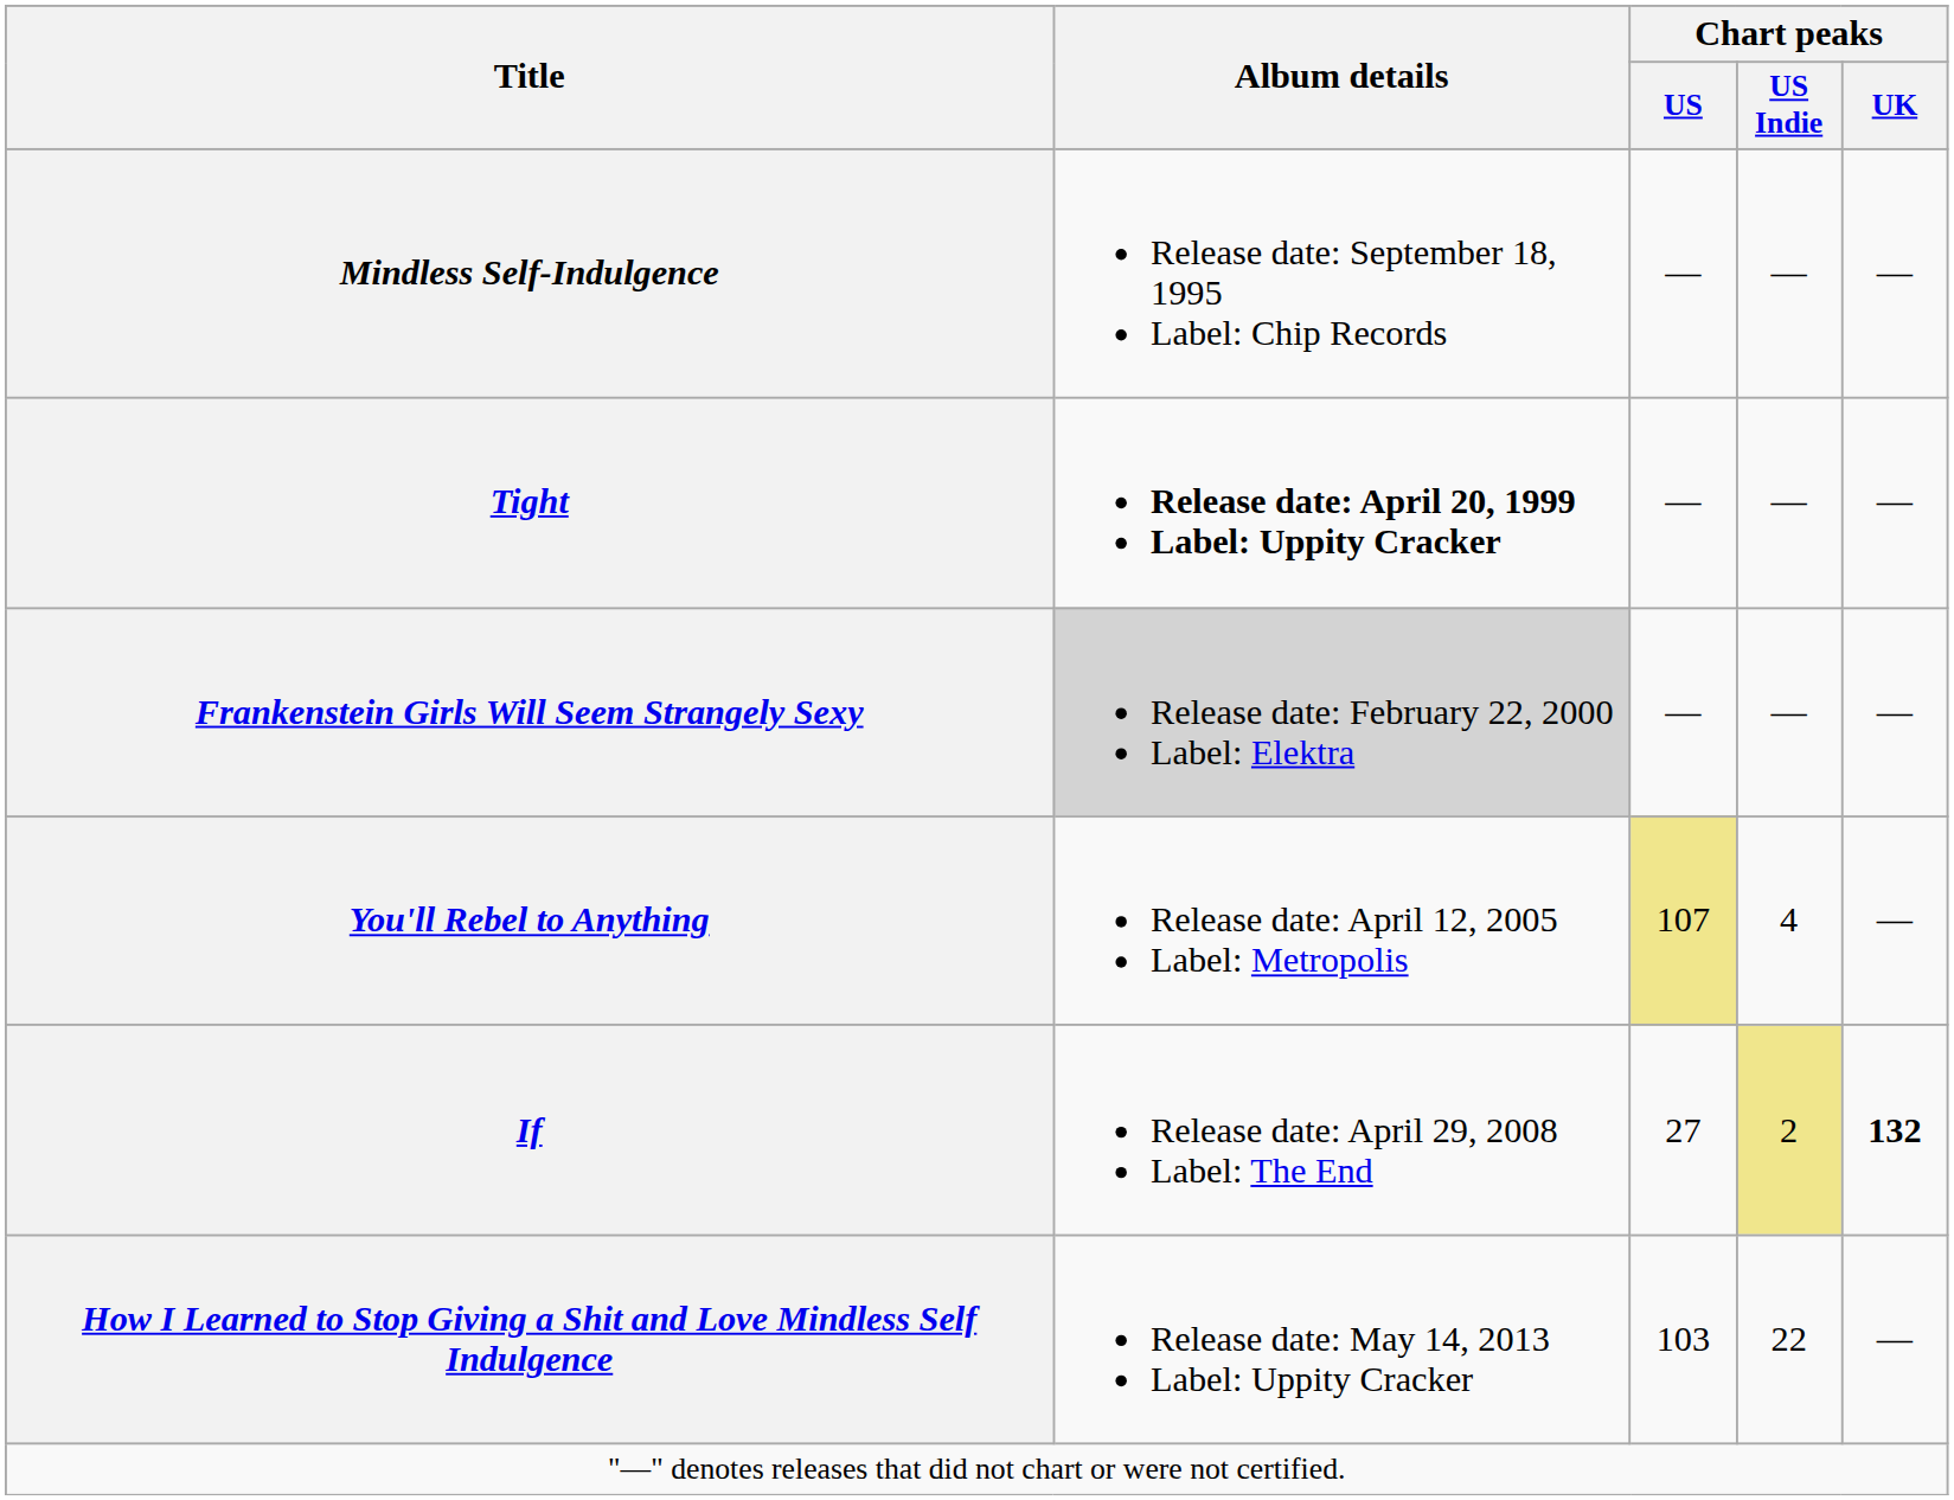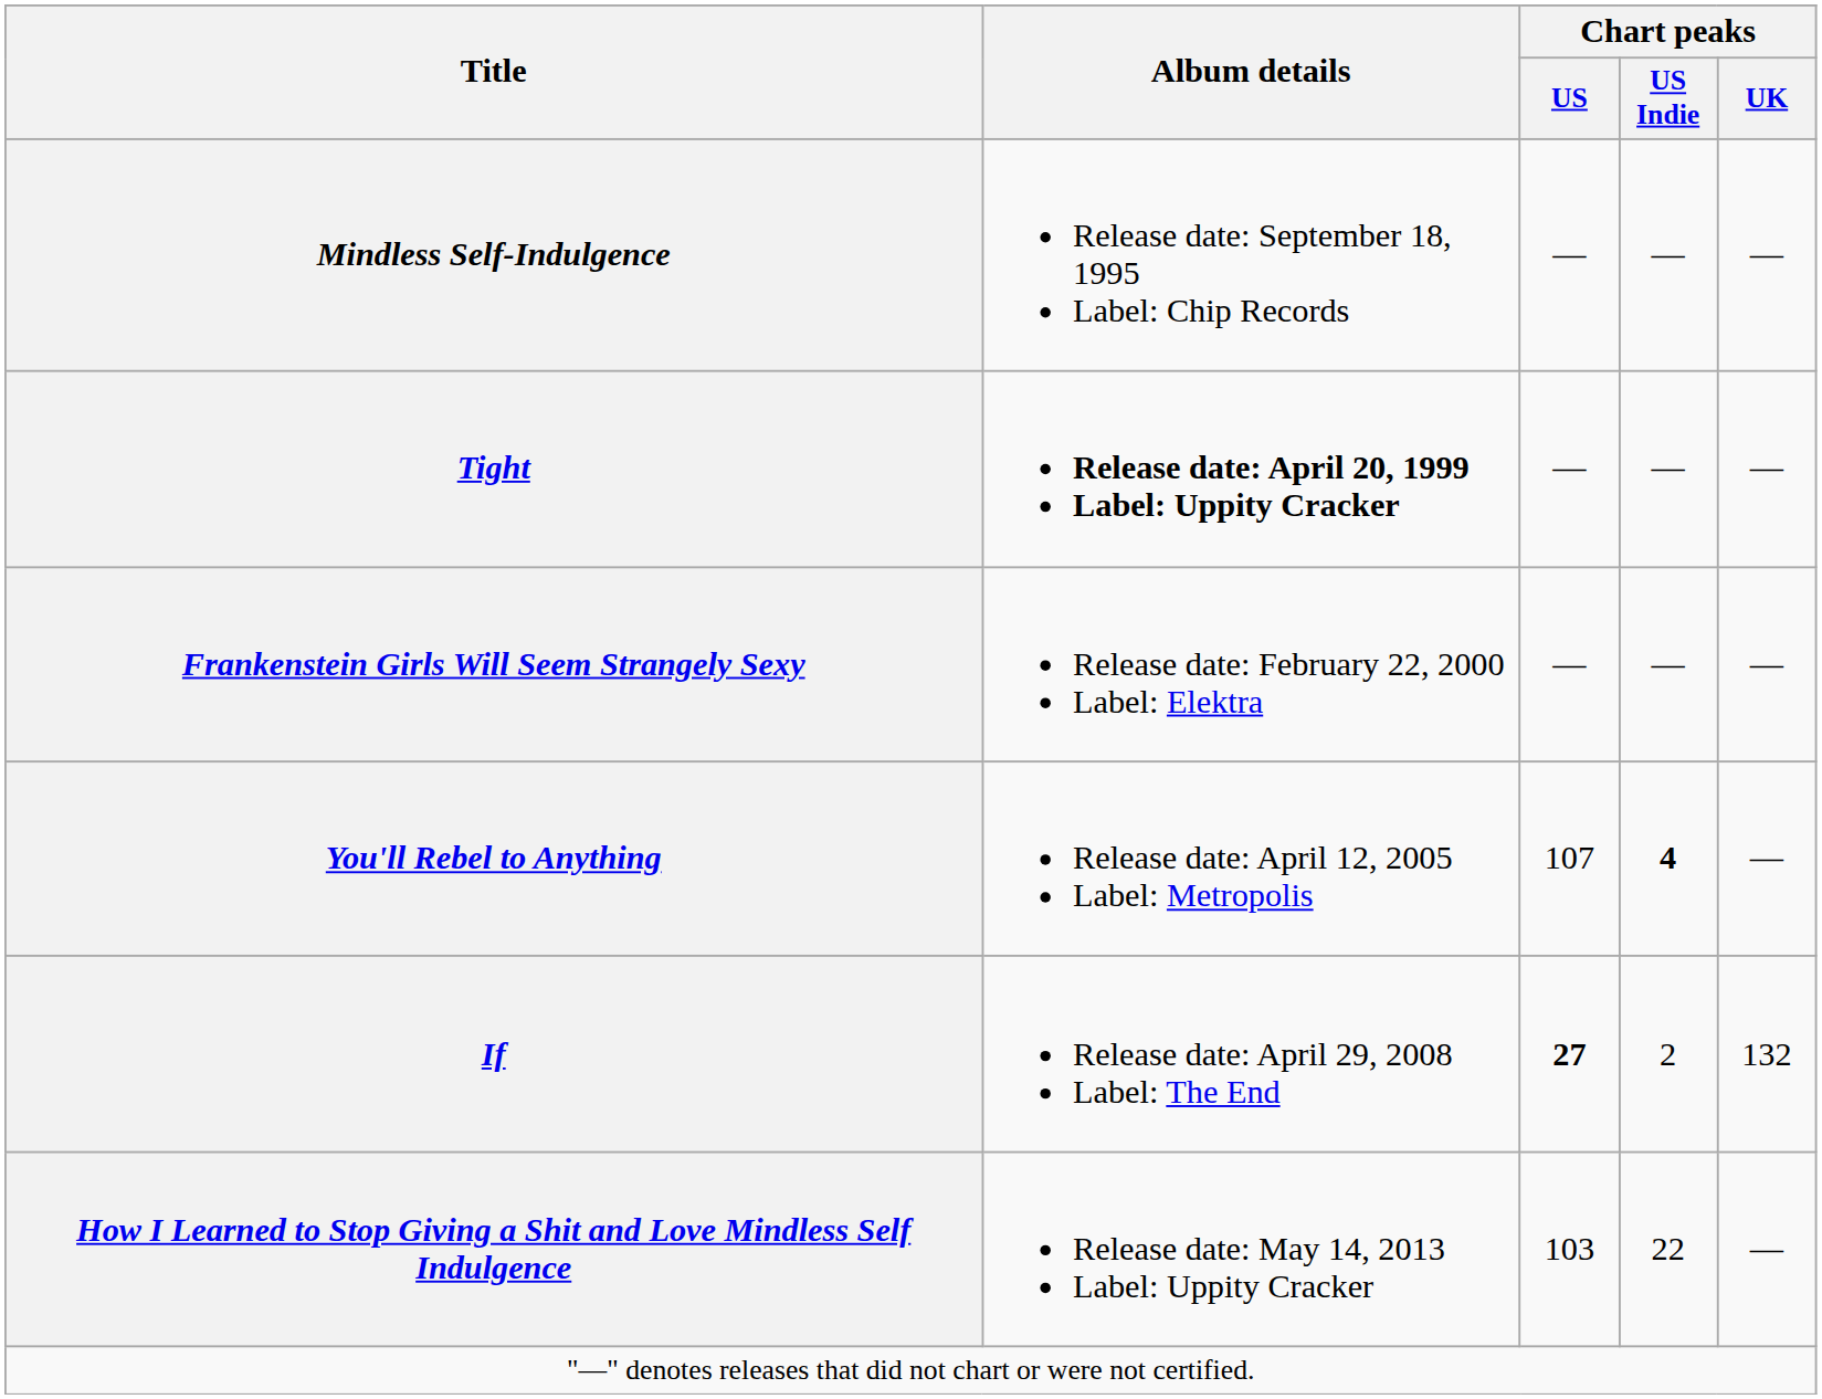 <table class="wikitable plainrowheaders">
 <tr>
 <th rowspan="2">Title</th>
 <th rowspan="2">Album details</th>
 <th colspan="3">Chart peaks</th>
 </tr>
 <tr>
 <th style="width:3em;font-size:85%"><a href='#'>US</a><br></th>
 <th style="width:3em;font-size:85%"><a href='#'>US Indie</a><br></th>
 <th style="width:3em;font-size:85%"><a href='#'>UK</a><br></th>
 </tr>
 <tr>
 <th scope="row"><em>Mindless Self-Indulgence</em></th>
 <td><br><ul><li>Release date: September 18, 1995</li><li>Label: Chip Records</li></ul></td>
 <td style="text-align:center;">—</td>
 <td style="text-align:center;">—</td>
 <td style="text-align:center;">—</td>
 </tr>
 <tr>
 <th scope="row"><em><a href='#'>Tight</a></em></th>
 <td><strong><br><ul><li>Release date: April 20, 1999</li><li>Label: Uppity Cracker</li></ul></strong></td>
 <td style="text-align:center;">—</td>
 <td style="text-align:center;">—</td>
 <td style="text-align:center;">—</td>
 </tr>
 <tr>
 <th scope="row"><em><a href='#'>Frankenstein Girls Will Seem Strangely Sexy</a></em></th>
-<td style="background: lightgrey;"><br><ul><li>Release date: February 22, 2000</li><li>Label: <a href='#'>Elektra</a></li></ul></td>
+<td><br><ul><li>Release date: February 22, 2000</li><li>Label: <a href='#'>Elektra</a></li></ul></td>
 <td style="text-align:center;">—</td>
 <td style="text-align:center;">—</td>
 <td style="text-align:center;">—</td>
 </tr>
 <tr>
 <th scope="row"><em><a href='#'>You'll Rebel to Anything</a></em></th>
 <td><br><ul><li>Release date: April 12, 2005</li><li>Label: <a href='#'>Metropolis</a></li></ul></td>
-<td style="background: khaki; text-align:center;">107</td>
-<td style="text-align:center;">4</td>
+<td style="text-align:center;">107</td>
+<td style="text-align:center;"><strong>4</strong></td>
 <td style="text-align:center;">—</td>
 </tr>
 <tr>
 <th scope="row"><em><a href='#'>If</a></em></th>
 <td><br><ul><li>Release date: April 29, 2008</li><li>Label: <a href='#'>The End</a></li></ul></td>
-<td style="text-align:center;">27</td>
-<td style="background: khaki; text-align:center;">2</td>
-<td style="text-align:center;"><strong>132</strong></td>
+<td style="text-align:center;"><strong>27</strong></td>
+<td style="text-align:center;">2</td>
+<td style="text-align:center;">132</td>
 </tr>
 <tr>
 <th scope="row"><em><a href='#'>How I Learned to Stop Giving a Shit and Love Mindless Self Indulgence</a></em></th>
 <td><br><ul><li>Release date: May 14, 2013</li><li>Label: Uppity Cracker</li></ul></td>
 <td style="text-align:center;">103</td>
 <td style="text-align:center;">22</td>
 <td style="text-align:center;">—</td>
 </tr>
 <tr>
 <td colspan="11" style="text-align:center; font-size:85%;">"—" denotes releases that did not chart or were not certified.</td>
 </tr>
 </table>
